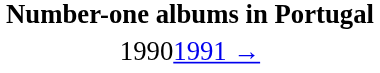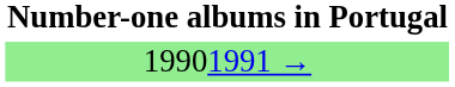 <table class="toc" id="toc" summary="Contents">
 <tr>
 <th>Number-one albums in Portugal</th>
 </tr>
 <tr>
-<td align="center">1990<a href='#'>1991 →</a></td>
+<td align="center" style="background: lightgreen;">1990<a href='#'>1991 →</a></td>
 </tr>
 </table>
